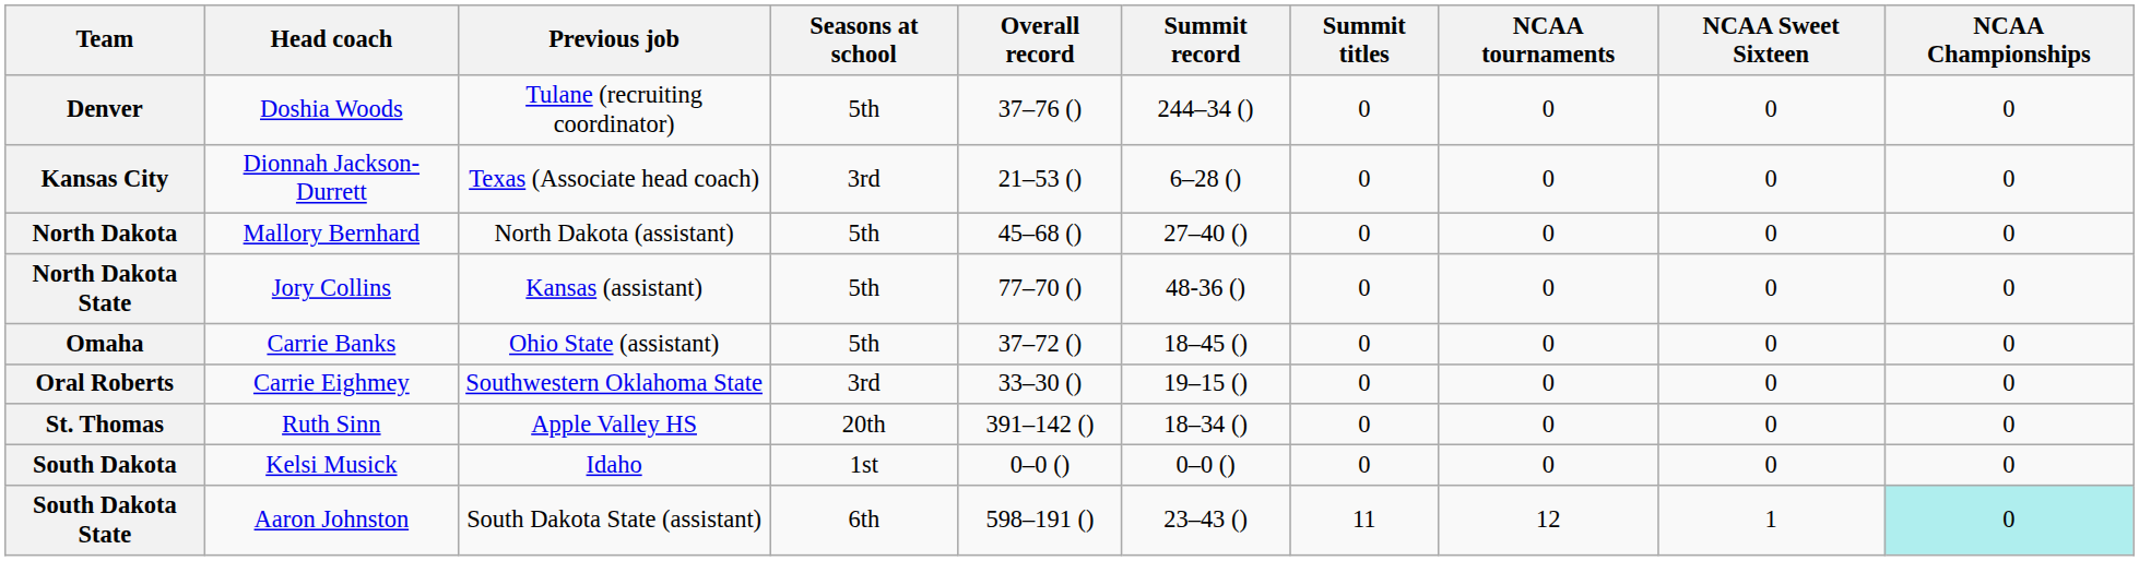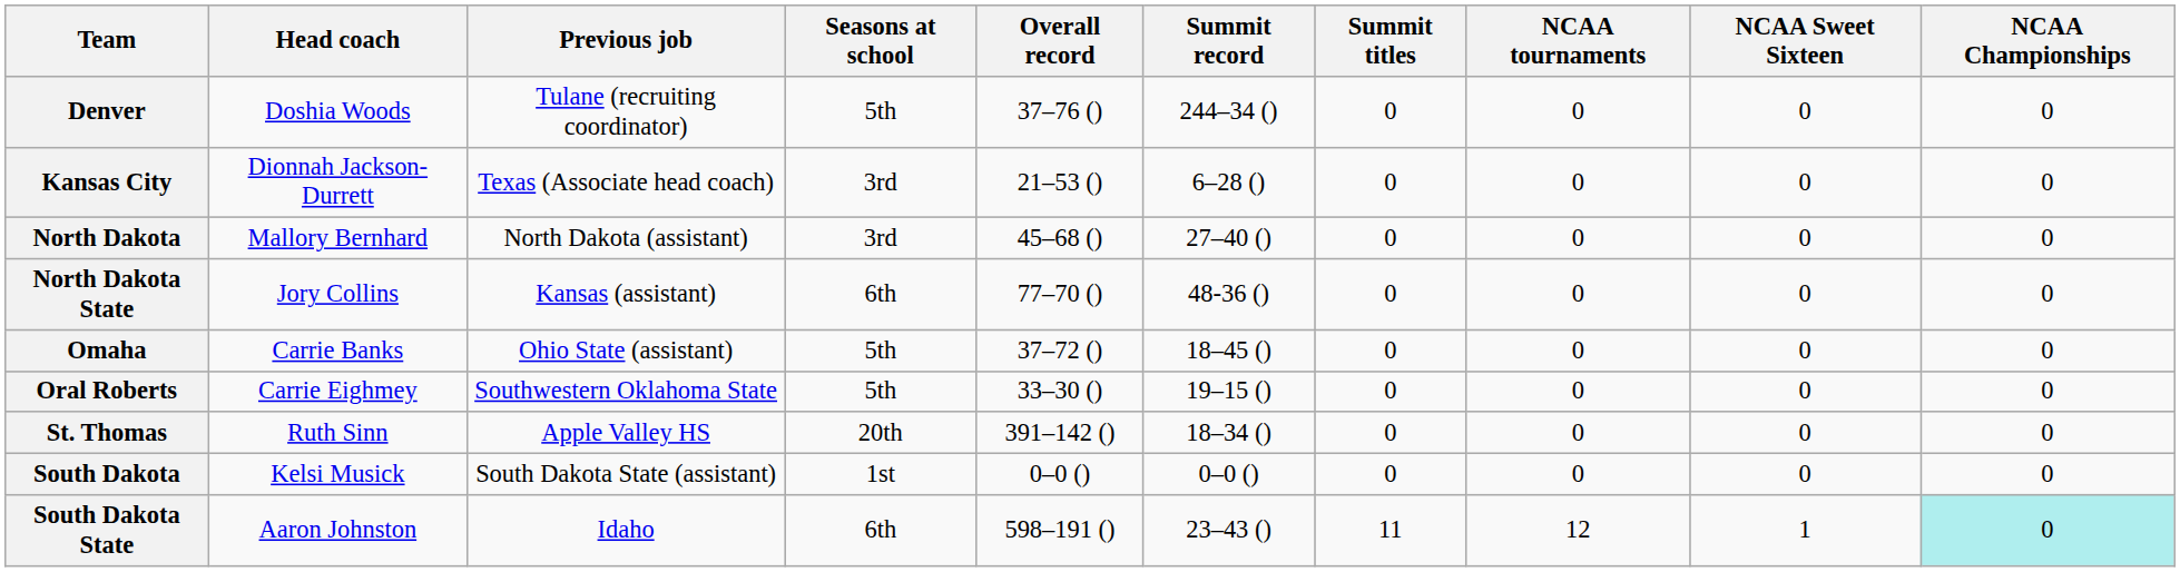 <table class="wikitable sortable" style="text-align: center;font-size:90%;">
 <tr>
 <th width="110">Team</th>
 <th>Head coach</th>
 <th>Previous job</th>
 <th>Seasons at school</th>
 <th>Overall record</th>
 <th>Summit record</th>
 <th>Summit titles</th>
 <th>NCAA tournaments</th>
 <th>NCAA Sweet Sixteen</th>
 <th>NCAA Championships</th>
 </tr>
 <tr>
 <th>Denver</th>
 <td><a href='#'>Doshia Woods</a></td>
 <td><a href='#'>Tulane</a> (recruiting coordinator)</td>
 <td>5th</td>
 <td>37–76 ()</td>
 <td>244–34 ()</td>
 <td>0</td>
 <td>0</td>
 <td>0</td>
 <td>0</td>
 </tr>
 <tr>
 <th>Kansas City</th>
 <td><a href='#'>Dionnah Jackson-Durrett</a></td>
 <td><a href='#'>Texas</a> (Associate head coach)</td>
 <td>3rd</td>
 <td>21–53 ()</td>
 <td>6–28 ()</td>
 <td>0</td>
 <td>0</td>
 <td>0</td>
 <td>0</td>
 </tr>
 <tr>
 <th>North Dakota</th>
 <td><a href='#'>Mallory Bernhard</a></td>
 <td>North Dakota (assistant)</td>
-<td>5th</td>
+<td>3rd</td>
 <td>45–68 ()</td>
 <td>27–40 ()</td>
 <td>0</td>
 <td>0</td>
 <td>0</td>
 <td>0</td>
 </tr>
 <tr>
 <th>North Dakota State</th>
 <td><a href='#'>Jory Collins</a></td>
 <td><a href='#'>Kansas</a> (assistant)</td>
-<td>5th</td>
+<td>6th</td>
 <td>77–70 ()</td>
 <td>48-36 ()</td>
 <td>0</td>
 <td>0</td>
 <td>0</td>
 <td>0</td>
 </tr>
 <tr>
 <th>Omaha</th>
 <td><a href='#'>Carrie Banks</a></td>
 <td><a href='#'>Ohio State</a> (assistant)</td>
 <td>5th</td>
 <td>37–72 ()</td>
 <td>18–45 ()</td>
 <td>0</td>
 <td>0</td>
 <td>0</td>
 <td>0</td>
 </tr>
 <tr>
 <th>Oral Roberts</th>
 <td><a href='#'>Carrie Eighmey</a></td>
 <td><a href='#'>Southwestern Oklahoma State</a></td>
-<td>3rd</td>
+<td>5th</td>
 <td>33–30 ()</td>
 <td>19–15 ()</td>
 <td>0</td>
 <td>0</td>
 <td>0</td>
 <td>0</td>
 </tr>
 <tr>
 <th>St. Thomas</th>
 <td><a href='#'>Ruth Sinn</a></td>
 <td><a href='#'>Apple Valley HS</a></td>
 <td>20th</td>
 <td>391–142 ()</td>
 <td>18–34 () </td>
 <td>0</td>
 <td>0</td>
 <td>0</td>
 <td>0</td>
 </tr>
 <tr>
 <th>South Dakota</th>
 <td><a href='#'>Kelsi Musick</a></td>
-<td><a href='#'>Idaho</a></td>
+<td>South Dakota State (assistant)</td>
 <td>1st</td>
 <td>0–0 ()</td>
 <td>0–0 ()</td>
 <td>0</td>
 <td>0</td>
 <td>0</td>
 <td>0</td>
 </tr>
 <tr>
 <th>South Dakota State</th>
 <td><a href='#'>Aaron Johnston</a></td>
-<td>South Dakota State (assistant)</td>
+<td><a href='#'>Idaho</a></td>
 <td>6th</td>
 <td>598–191 ()</td>
 <td>23–43 ()</td>
 <td>11</td>
 <td>12</td>
 <td>1</td>
 <td style="background: paleturquoise;">0</td>
 </tr>
 </table>
